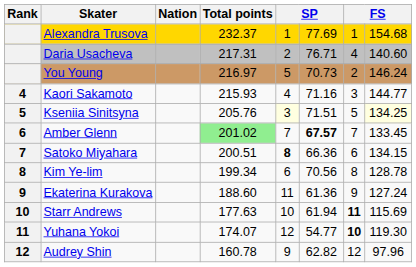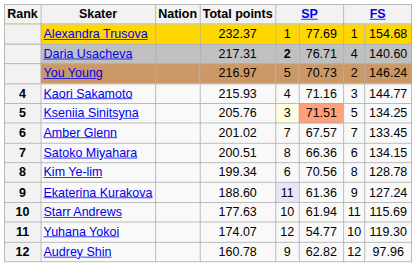 <table class="wikitable sortable" style="text-align:left;">
 <tr>
 <th scope="col">Rank</th>
 <th scope="col">Skater</th>
 <th scope="col">Nation</th>
 <th scope="col">Total points</th>
 <th scope="col" colspan="2" width="80px"><a href='#'>SP</a></th>
 <th scope="col" colspan="2" width="80px"><a href='#'>FS</a></th>
 </tr>
 <tr bgcolor="gold">
 <th scope="row"></th>
 <td><a href='#'>Alexandra Trusova</a></td>
 <td></td>
 <td align="center">232.37</td>
 <td align="center">1</td>
 <td align="center">77.69</td>
 <td align="center">1</td>
 <td align="center">154.68</td>
 </tr>
 <tr bgcolor="silver">
 <th scope="row"></th>
 <td><a href='#'>Daria Usacheva</a></td>
 <td></td>
 <td align="center">217.31</td>
-<td align="center">2</td>
+<td align="center"><strong>2</strong></td>
 <td align="center">76.71</td>
 <td align="center">4</td>
 <td align="center">140.60</td>
 </tr>
 <tr bgcolor="cc9966">
 <th scope="row"></th>
 <td><a href='#'>You Young</a></td>
 <td></td>
 <td align="center">216.97</td>
 <td align="center">5</td>
 <td align="center">70.73</td>
 <td align="center">2</td>
 <td align="center">146.24</td>
 </tr>
 <tr>
 <th scope="row">4</th>
 <td><a href='#'>Kaori Sakamoto</a></td>
 <td></td>
 <td align="center">215.93</td>
 <td align="center">4</td>
 <td align="center">71.16</td>
 <td align="center">3</td>
 <td align="center">144.77</td>
 </tr>
 <tr>
 <th scope="row">5</th>
 <td><a href='#'>Kseniia Sinitsyna</a></td>
 <td></td>
 <td align="center">205.76</td>
 <td align="center" style="background: lightyellow;">3</td>
-<td align="center">71.51</td>
+<td align="center" style="background: lightsalmon;">71.51</td>
 <td align="center">5</td>
-<td align="center" style="background: lightyellow;">134.25</td>
+<td align="center">134.25</td>
 </tr>
 <tr>
 <th scope="row">6</th>
 <td><a href='#'>Amber Glenn</a></td>
 <td></td>
-<td align="center" style="background: lightgreen;">201.02</td>
+<td align="center">201.02</td>
 <td align="center">7</td>
-<td align="center"><strong>67.57</strong></td>
+<td align="center">67.57</td>
 <td align="center">7</td>
 <td align="center">133.45</td>
 </tr>
 <tr>
 <th scope="row">7</th>
 <td><a href='#'>Satoko Miyahara</a></td>
 <td></td>
 <td align="center">200.51</td>
-<td align="center"><strong>8</strong></td>
+<td align="center">8</td>
 <td align="center">66.36</td>
 <td align="center">6</td>
 <td align="center">134.15</td>
 </tr>
 <tr>
 <th scope="row">8</th>
 <td><a href='#'>Kim Ye-lim</a></td>
 <td></td>
 <td align="center">199.34</td>
 <td align="center">6</td>
 <td align="center">70.56</td>
 <td align="center">8</td>
 <td align="center">128.78</td>
 </tr>
 <tr>
 <th scope="row">9</th>
 <td><a href='#'>Ekaterina Kurakova</a></td>
 <td></td>
 <td align="center">188.60</td>
-<td align="center">11</td>
+<td align="center" style="background: lavender;">11</td>
 <td align="center">61.36</td>
 <td align="center">9</td>
 <td align="center">127.24</td>
 </tr>
 <tr>
 <th scope="row">10</th>
 <td><a href='#'>Starr Andrews</a></td>
 <td></td>
 <td align="center">177.63</td>
 <td align="center">10</td>
 <td align="center">61.94</td>
-<td align="center"><strong>11</strong></td>
+<td align="center">11</td>
 <td align="center">115.69</td>
 </tr>
 <tr>
 <th scope="row">11</th>
 <td><a href='#'>Yuhana Yokoi</a></td>
 <td></td>
 <td align="center">174.07</td>
 <td align="center">12</td>
 <td align="center">54.77</td>
-<td align="center"><strong>10</strong></td>
+<td align="center">10</td>
 <td align="center">119.30</td>
 </tr>
 <tr>
 <th scope="row">12</th>
 <td><a href='#'>Audrey Shin</a></td>
 <td></td>
 <td align="center">160.78</td>
 <td align="center">9</td>
 <td align="center">62.82</td>
 <td align="center">12</td>
 <td align="center">97.96</td>
 </tr>
 </table>
